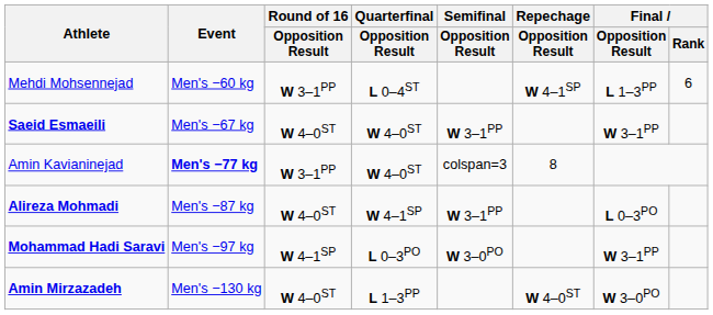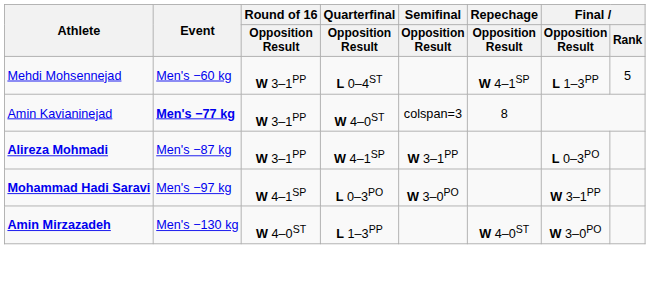 <table class="wikitable" style="font-size:90%">
 <tr>
 <th rowspan=2>Athlete</th>
 <th rowspan=2>Event</th>
 <th>Round of 16</th>
 <th>Quarterfinal</th>
 <th>Semifinal</th>
 <th>Repechage</th>
 <th colspan=2>Final / </th>
 </tr>
 <tr style="font-size: 95%">
 <th>Opposition<br>Result</th>
 <th>Opposition<br>Result</th>
 <th>Opposition<br>Result</th>
 <th>Opposition<br>Result</th>
 <th>Opposition<br>Result</th>
 <th>Rank</th>
 </tr>
 <tr align=center>
 <td align=left><a href='#'>Mehdi Mohsennejad</a></td>
 <td align=left><a href='#'>Men's −60 kg</a></td>
 <td><br><strong>W</strong> 3–1<sup>PP</sup></td>
 <td><br><strong>L</strong> 0–4<sup>ST</sup></td>
 <td></td>
 <td><br><strong>W</strong> 4–1<sup>SP</sup></td>
 <td><br><strong>L</strong> 1–3<sup>PP</sup></td>
-<td>6</td>
-</tr>
-<tr align=center>
-<td align=left><strong><a href='#'>Saeid Esmaeili</a></strong></td>
-<td align=left><a href='#'>Men's −67 kg</a></td>
-<td><br><strong>W</strong> 4–0<sup>ST</sup></td>
-<td><br><strong>W</strong> 4–0<sup>ST</sup></td>
-<td><br><strong>W</strong> 3–1<sup>PP</sup></td>
-<td></td>
-<td> <br><strong>W</strong> 3–1<sup>PP</sup></td>
-<td></td>
+<td>5</td>
 </tr>
 <tr align=center>
 <td align=left><a href='#'>Amin Kavianinejad</a></td>
 <td align=left><strong><a href='#'>Men's −77 kg</a></strong></td>
 <td><br><strong>W</strong> 3–1<sup>PP</sup></td>
 <td><br><strong>W</strong> 4–0<sup>ST</sup></td>
 <td>colspan=3 </td>
 <td>8</td>
 </tr>
 <tr align=center>
 <td align=left><strong><a href='#'>Alireza Mohmadi</a></strong></td>
 <td align=left><a href='#'>Men's −87 kg</a></td>
-<td><br><strong>W</strong> 4–0<sup>ST</sup></td>
+<td><br><strong>W</strong> 3–1<sup>PP</sup></td>
 <td><br><strong>W</strong> 4–1<sup>SP</sup></td>
 <td><br><strong>W</strong> 3–1<sup>PP</sup></td>
 <td></td>
 <td><br><strong>L</strong> 0–3<sup>PO</sup></td>
 <td></td>
 </tr>
 <tr align=center>
 <td align=left><strong><a href='#'>Mohammad Hadi Saravi</a></strong></td>
 <td align=left><a href='#'>Men's −97 kg</a></td>
 <td><br><strong>W</strong> 4–1<sup>SP</sup></td>
 <td><br><strong>L</strong>  0–3<sup>PO</sup></td>
 <td><br><strong>W</strong> 3–0<sup>PO</sup></td>
 <td></td>
 <td><br><strong>W</strong> 3–1<sup>PP</sup></td>
 <td></td>
 </tr>
 <tr align=center>
 <td align=left><strong><a href='#'>Amin Mirzazadeh</a></strong></td>
 <td align=left><a href='#'>Men's −130 kg</a></td>
 <td><br><strong>W</strong> 4–0<sup>ST</sup></td>
 <td><br><strong>L</strong> 1–3<sup>PP</sup></td>
 <td></td>
 <td><br><strong>W</strong> 4–0<sup>ST</sup></td>
 <td><br> <strong>W</strong> 3–0<sup>PO</sup></td>
 <td></td>
 </tr>
 </table>
